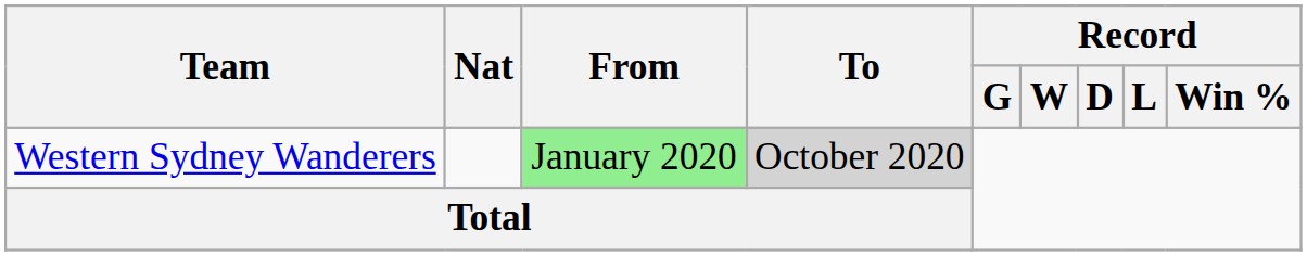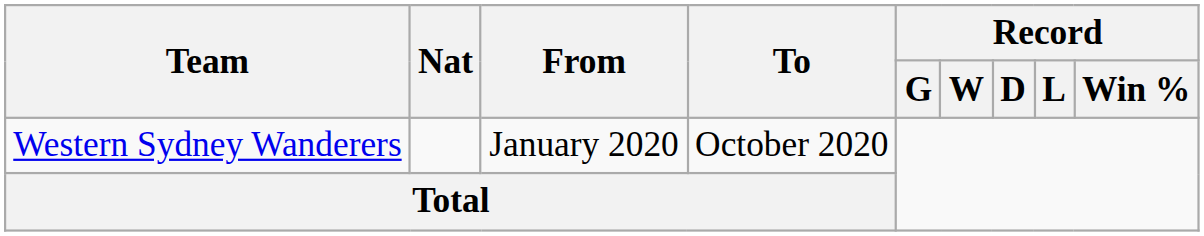 <table class="wikitable" style="text-align: center">
 <tr>
 <th rowspan="2">Team</th>
 <th rowspan="2">Nat</th>
 <th rowspan="2">From</th>
 <th rowspan="2">To</th>
 <th colspan="5">Record</th>
 </tr>
 <tr>
 <th>G</th>
 <th>W</th>
 <th>D</th>
 <th>L</th>
 <th>Win %</th>
 </tr>
 <tr>
 <td align=left><a href='#'>Western Sydney Wanderers</a></td>
 <td></td>
-<td align=left style="background: lightgreen;">January 2020</td>
-<td align=left style="background: lightgrey;">October 2020<br></td>
+<td align=left>January 2020</td>
+<td align=left>October 2020<br></td>
 </tr>
 <tr>
 <th colspan="4">Total<br></th>
 </tr>
 </table>
